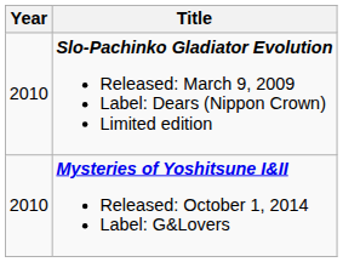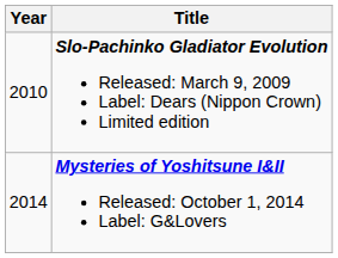 <table class="wikitable">
 <tr>
 <th>Year</th>
 <th>Title</th>
 </tr>
 <tr>
 <td>2010</td>
 <td><strong><em>Slo-Pachinko Gladiator Evolution</em></strong><br><ul><li>Released: March 9, 2009</li><li>Label: Dears (Nippon Crown)</li><li>Limited edition</li></ul></td>
 </tr>
 <tr>
-<td>2010</td>
+<td>2014</td>
 <td><strong><em><a href='#'>Mysteries of Yoshitsune I&II</a></em></strong><br><ul><li>Released: October 1, 2014</li><li>Label: G&Lovers</li></ul></td>
 </tr>
 </table>
